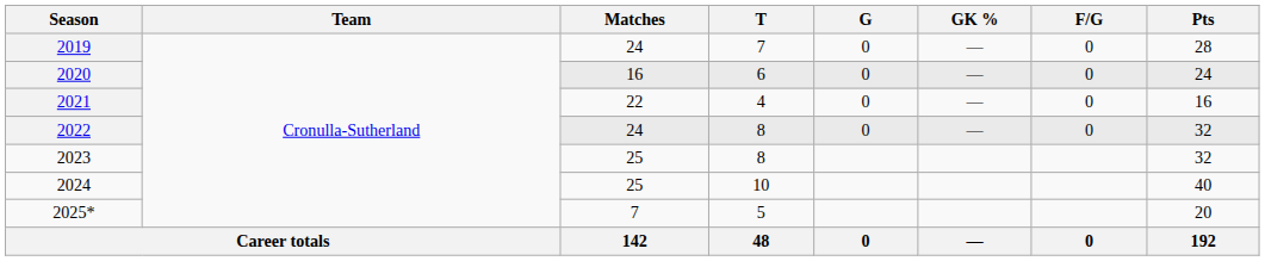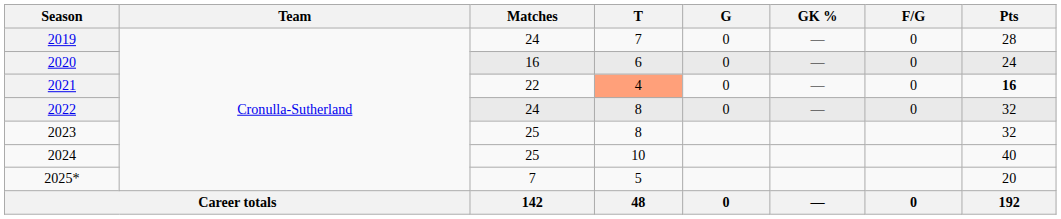 <table class="wikitable sortable"  style="font-size:90%; text-align:center; width:85%;">
 <tr>
 <th width=2%>Season</th>
 <th width=8%>Team</th>
 <th width=2%>Matches</th>
 <th width=2%>T</th>
 <th width=2%>G</th>
 <th width=2%>GK %</th>
 <th width=2%>F/G</th>
 <th width=2%>Pts</th>
 </tr>
 <tr>
 <th scope="row" style="text-align:center; font-weight:normal"><a href='#'>2019</a></th>
 <td rowspan="7" style="text-align:center;"> <a href='#'>Cronulla-Sutherland</a></td>
 <td>24</td>
 <td>7</td>
 <td>0</td>
 <td>—</td>
 <td>0</td>
 <td>28</td>
 </tr>
 <tr style="background:#eaeaea;">
 <th scope="row" style="text-align:center; font-weight:normal"><a href='#'>2020</a></th>
 <td>16</td>
 <td>6</td>
 <td>0</td>
 <td>—</td>
 <td>0</td>
 <td>24</td>
 </tr>
 <tr>
 <th scope="row" style="text-align:center; font-weight:normal"><a href='#'>2021</a></th>
 <td>22</td>
-<td>4</td>
+<td style="background: lightsalmon;">4</td>
 <td>0</td>
 <td>—</td>
 <td>0</td>
-<td>16</td>
+<td><strong>16</strong></td>
 </tr>
 <tr style="background:#eaeaea;">
 <th scope="row" style="text-align:center; font-weight:normal"><a href='#'>2022</a></th>
 <td>24</td>
 <td>8</td>
 <td>0</td>
 <td>—</td>
 <td>0</td>
 <td>32</td>
 </tr>
 <tr>
 <td>2023</td>
 <td>25</td>
 <td>8</td>
 <td></td>
 <td></td>
 <td></td>
 <td>32</td>
 </tr>
 <tr>
 <td>2024</td>
 <td>25</td>
 <td>10</td>
 <td></td>
 <td></td>
 <td></td>
 <td>40</td>
 </tr>
 <tr>
 <td>2025*</td>
 <td>7</td>
 <td>5</td>
 <td></td>
 <td></td>
 <td></td>
 <td>20</td>
 </tr>
 <tr class="sortbottom">
 <th colspan="2">Career totals</th>
 <th>142</th>
 <th>48</th>
 <th>0</th>
 <th>—</th>
 <th>0</th>
 <th>192</th>
 </tr>
 </table>
